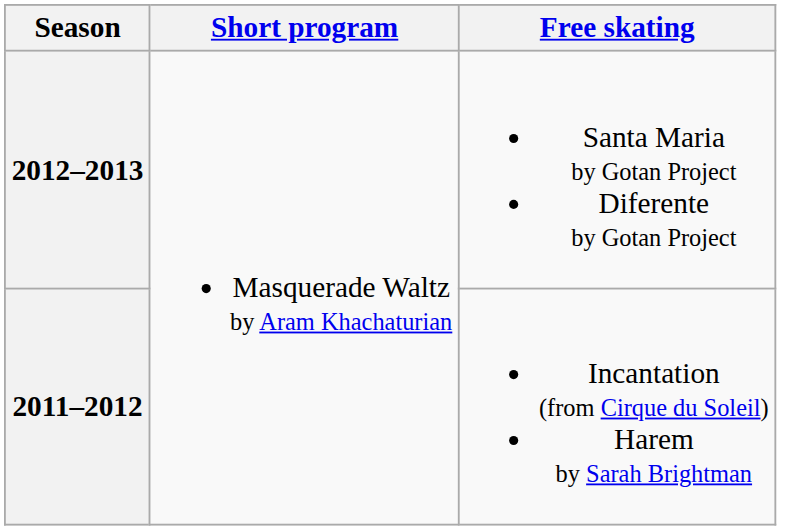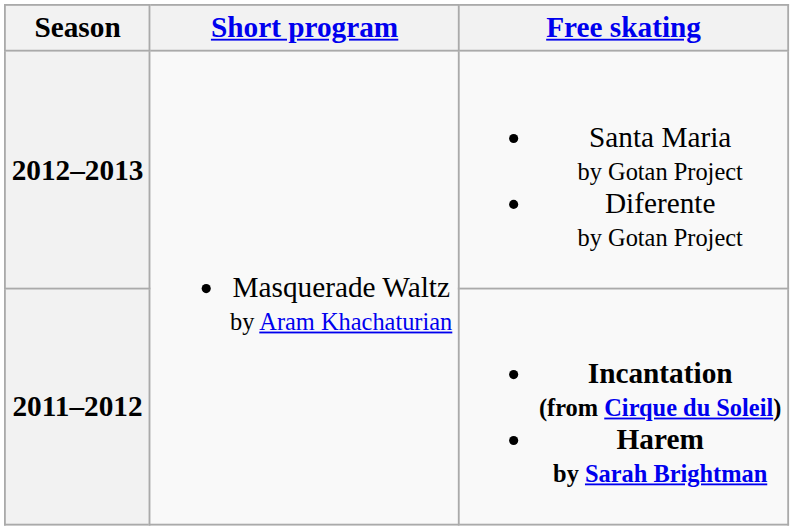 <table class=wikitable style=text-align:center>
 <tr>
 <th>Season</th>
 <th><a href='#'>Short program</a></th>
 <th><a href='#'>Free skating</a></th>
 </tr>
 <tr>
 <th>2012–2013 <br> </th>
 <td rowspan="2"><br><ul><li>Masquerade Waltz <br><small> by <a href='#'>Aram Khachaturian</a> </small></li></ul></td>
 <td><br><ul><li>Santa Maria <br><small> by Gotan Project </small></li><li>Diferente <br><small> by Gotan Project </small></li></ul></td>
 </tr>
 <tr>
 <th>2011–2012 <br> </th>
-<td><br><ul><li>Incantation <br><small> (from <a href='#'>Cirque du Soleil</a>) </small></li><li>Harem <br><small> by <a href='#'>Sarah Brightman</a> </small></li></ul></td>
+<td><strong><br><ul><li>Incantation <br><small> (from <a href='#'>Cirque du Soleil</a>) </small></li><li>Harem <br><small> by <a href='#'>Sarah Brightman</a> </small></li></ul></strong></td>
 </tr>
 </table>
